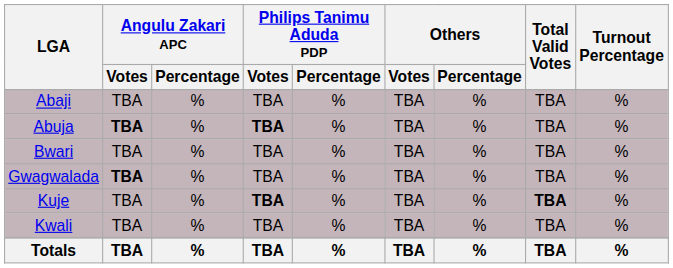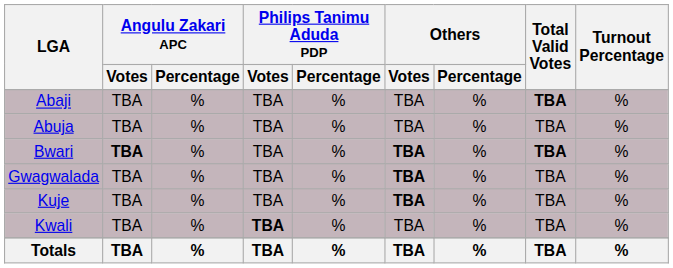 <table class="wikitable sortable" style=" font-size: 90%">
 <tr>
 <th rowspan="2">LGA</th>
 <th colspan="2"><a href='#'>Angulu Zakari</a><br><small>APC</small></th>
 <th colspan="2"><a href='#'>Philips Tanimu Aduda</a><br><small>PDP</small></th>
 <th colspan="2">Others</th>
 <th rowspan="2">Total Valid Votes</th>
 <th rowspan="2">Turnout Percentage</th>
 </tr>
 <tr>
 <th>Votes</th>
 <th>Percentage</th>
 <th>Votes</th>
 <th>Percentage</th>
 <th>Votes</th>
 <th>Percentage</th>
 </tr>
 <tr>
 </tr>
 <tr>
 <td bgcolor=#c4b5bb align="center"><a href='#'>Abaji</a></td>
 <td bgcolor=#c4b5bb align="center">TBA</td>
 <td bgcolor=#c4b5bb align="center">%</td>
 <td bgcolor=#c4b5bb align="center">TBA</td>
 <td bgcolor=#c4b5bb align="center">%</td>
 <td bgcolor=#c4b5bb align="center">TBA</td>
 <td bgcolor=#c4b5bb align="center">%</td>
-<td bgcolor=#c4b5bb align="center">TBA</td>
+<td bgcolor=#c4b5bb align="center"><strong>TBA</strong></td>
 <td bgcolor=#c4b5bb align="center">%</td>
 </tr>
 <tr>
 <td bgcolor=#c4b5bb align="center"><a href='#'>Abuja</a></td>
-<td bgcolor=#c4b5bb align="center"><strong>TBA</strong></td>
-<td bgcolor=#c4b5bb align="center">%</td>
-<td bgcolor=#c4b5bb align="center"><strong>TBA</strong></td>
-<td bgcolor=#c4b5bb align="center">%</td>
-<td bgcolor=#c4b5bb align="center">TBA</td>
-<td bgcolor=#c4b5bb align="center">%</td>
-<td bgcolor=#c4b5bb align="center">TBA</td>
-<td bgcolor=#c4b5bb align="center">%</td>
-</tr>
-<tr>
-<td bgcolor=#c4b5bb align="center"><a href='#'>Bwari</a></td>
 <td bgcolor=#c4b5bb align="center">TBA</td>
 <td bgcolor=#c4b5bb align="center">%</td>
 <td bgcolor=#c4b5bb align="center">TBA</td>
 <td bgcolor=#c4b5bb align="center">%</td>
 <td bgcolor=#c4b5bb align="center">TBA</td>
 <td bgcolor=#c4b5bb align="center">%</td>
 <td bgcolor=#c4b5bb align="center">TBA</td>
 <td bgcolor=#c4b5bb align="center">%</td>
 </tr>
 <tr>
-<td bgcolor=#c4b5bb align="center"><a href='#'>Gwagwalada</a></td>
+<td bgcolor=#c4b5bb align="center"><a href='#'>Bwari</a></td>
 <td bgcolor=#c4b5bb align="center"><strong>TBA</strong></td>
 <td bgcolor=#c4b5bb align="center">%</td>
 <td bgcolor=#c4b5bb align="center">TBA</td>
 <td bgcolor=#c4b5bb align="center">%</td>
+<td bgcolor=#c4b5bb align="center"><strong>TBA</strong></td>
+<td bgcolor=#c4b5bb align="center">%</td>
+<td bgcolor=#c4b5bb align="center"><strong>TBA</strong></td>
+<td bgcolor=#c4b5bb align="center">%</td>
+</tr>
+<tr>
+<td bgcolor=#c4b5bb align="center"><a href='#'>Gwagwalada</a></td>
 <td bgcolor=#c4b5bb align="center">TBA</td>
+<td bgcolor=#c4b5bb align="center">%</td>
+<td bgcolor=#c4b5bb align="center">TBA</td>
+<td bgcolor=#c4b5bb align="center">%</td>
+<td bgcolor=#c4b5bb align="center"><strong>TBA</strong></td>
 <td bgcolor=#c4b5bb align="center">%</td>
 <td bgcolor=#c4b5bb align="center">TBA</td>
 <td bgcolor=#c4b5bb align="center">%</td>
 </tr>
 <tr>
 <td bgcolor=#c4b5bb align="center"><a href='#'>Kuje</a></td>
 <td bgcolor=#c4b5bb align="center">TBA</td>
 <td bgcolor=#c4b5bb align="center">%</td>
+<td bgcolor=#c4b5bb align="center">TBA</td>
+<td bgcolor=#c4b5bb align="center">%</td>
 <td bgcolor=#c4b5bb align="center"><strong>TBA</strong></td>
 <td bgcolor=#c4b5bb align="center">%</td>
 <td bgcolor=#c4b5bb align="center">TBA</td>
-<td bgcolor=#c4b5bb align="center">%</td>
-<td bgcolor=#c4b5bb align="center"><strong>TBA</strong></td>
 <td bgcolor=#c4b5bb align="center">%</td>
 </tr>
 <tr>
 <td bgcolor=#c4b5bb align="center"><a href='#'>Kwali</a></td>
 <td bgcolor=#c4b5bb align="center">TBA</td>
 <td bgcolor=#c4b5bb align="center">%</td>
-<td bgcolor=#c4b5bb align="center">TBA</td>
+<td bgcolor=#c4b5bb align="center"><strong>TBA</strong></td>
 <td bgcolor=#c4b5bb align="center">%</td>
 <td bgcolor=#c4b5bb align="center">TBA</td>
 <td bgcolor=#c4b5bb align="center">%</td>
 <td bgcolor=#c4b5bb align="center">TBA</td>
 <td bgcolor=#c4b5bb align="center">%</td>
 </tr>
 <tr>
 </tr>
 <tr>
 <th>Totals</th>
 <th>TBA</th>
 <th>%</th>
 <th>TBA</th>
 <th>%</th>
 <th>TBA</th>
 <th>%</th>
 <th>TBA</th>
 <th>%</th>
 </tr>
 </table>
